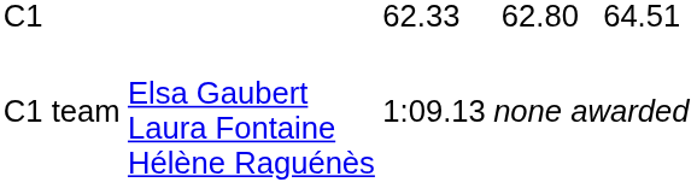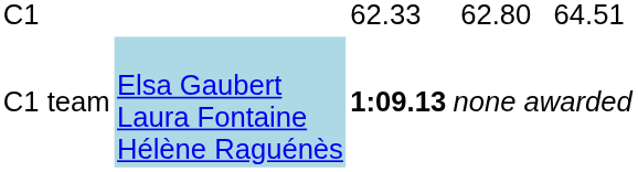 <table>
 <tr>
 <td>C1</td>
 <td></td>
 <td>62.33</td>
 <td></td>
 <td>62.80</td>
 <td></td>
 <td>64.51</td>
 </tr>
 <tr>
 <td>C1 team</td>
-<td><br><a href='#'>Elsa Gaubert</a><br><a href='#'>Laura Fontaine</a><br><a href='#'>Hélène Raguénès</a></td>
-<td>1:09.13</td>
+<td style="background: lightblue;"><br><a href='#'>Elsa Gaubert</a><br><a href='#'>Laura Fontaine</a><br><a href='#'>Hélène Raguénès</a></td>
+<td><strong>1:09.13</strong></td>
 <td colspan=4><em>none awarded</em></td>
 </tr>
 </table>
